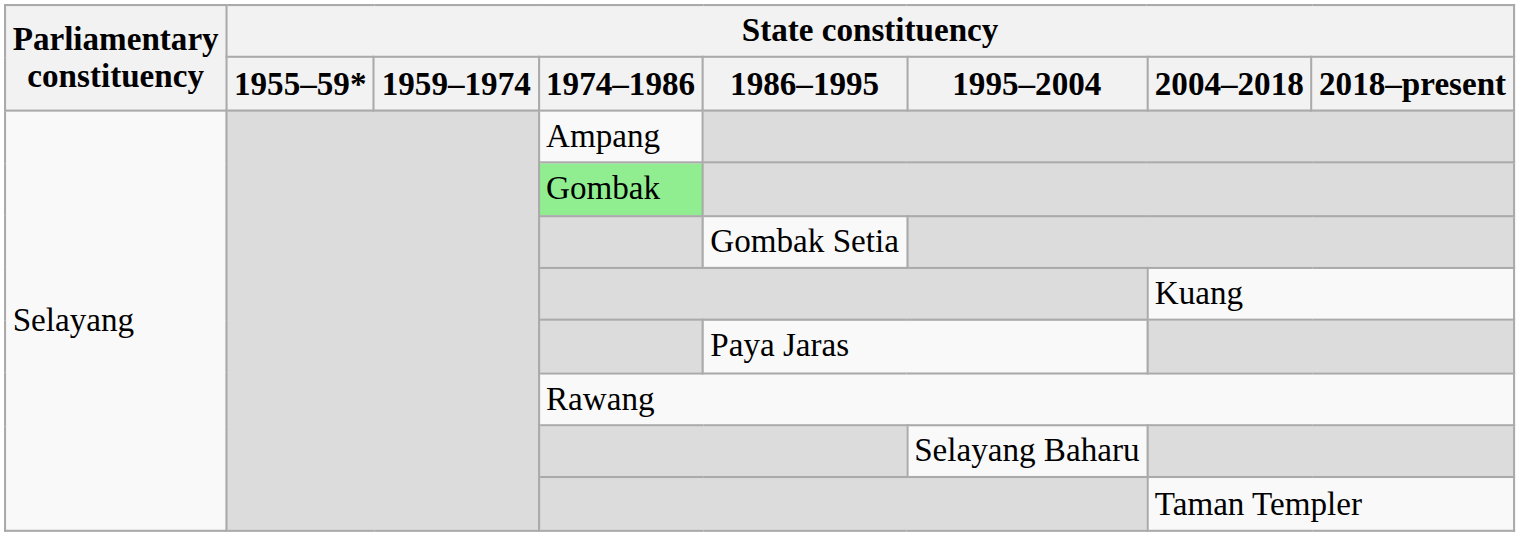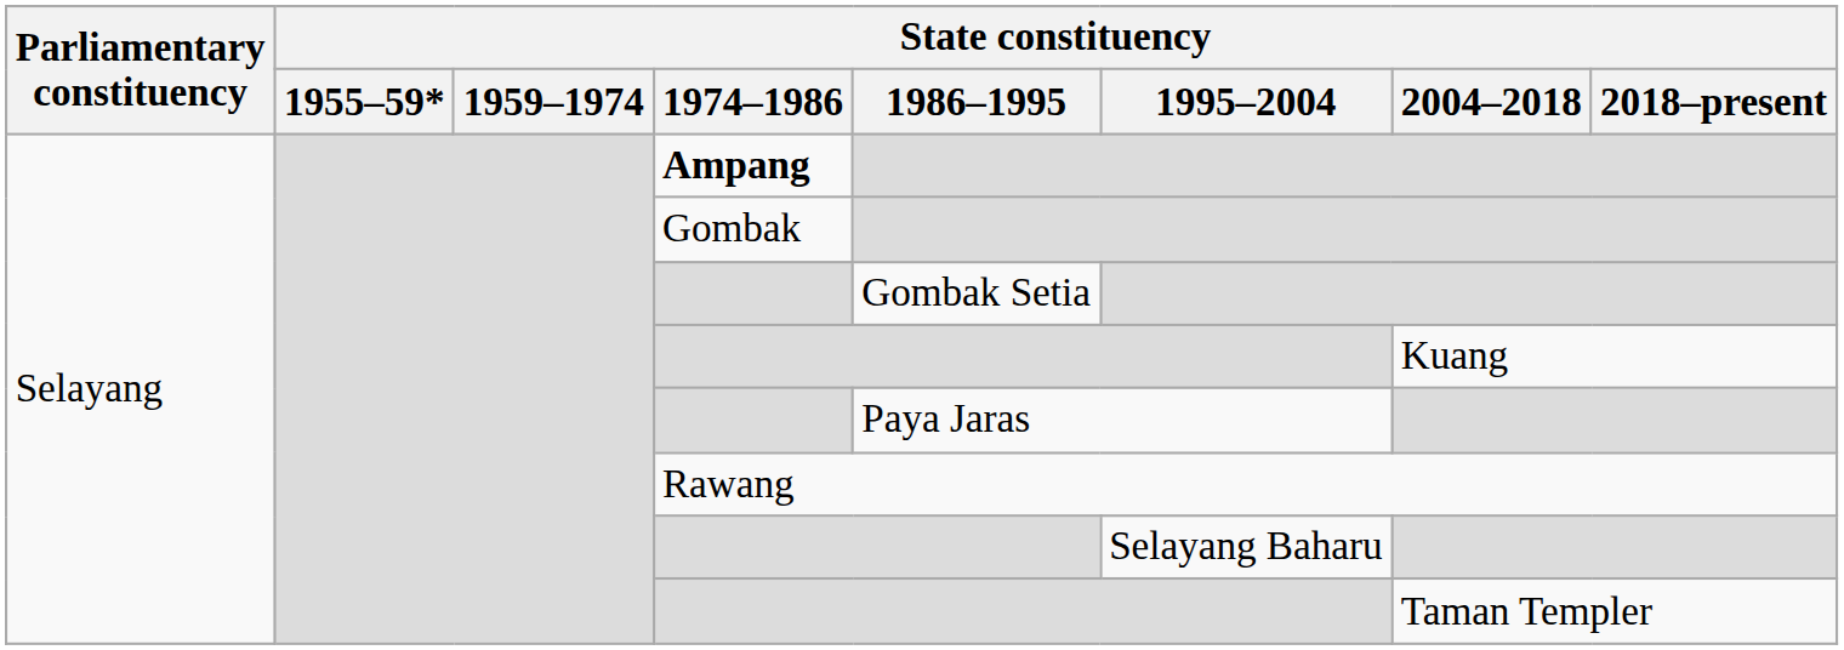 <table class="wikitable">
 <tr>
 <th rowspan="2">Parliamentary<br>constituency</th>
 <th colspan="7">State constituency</th>
 </tr>
 <tr>
 <th>1955–59*</th>
 <th>1959–1974</th>
 <th>1974–1986</th>
 <th>1986–1995</th>
 <th>1995–2004</th>
 <th>2004–2018</th>
 <th>2018–present</th>
 </tr>
 <tr>
 <td rowspan="8">Selayang</td>
 <td colspan="2" rowspan="8" bgcolor="dcdcdc"></td>
-<td>Ampang</td>
+<td><strong>Ampang</strong></td>
 <td colspan="4" bgcolor="dcdcdc"></td>
 </tr>
 <tr>
-<td style="background: lightgreen;">Gombak</td>
+<td>Gombak</td>
 <td colspan="4" bgcolor="dcdcdc"></td>
 </tr>
 <tr>
 <td bgcolor="dcdcdc"></td>
 <td>Gombak Setia</td>
 <td colspan="3" bgcolor="dcdcdc"></td>
 </tr>
 <tr>
 <td colspan="3" bgcolor="dcdcdc"></td>
 <td colspan="2">Kuang</td>
 </tr>
 <tr>
 <td bgcolor="dcdcdc"></td>
 <td colspan="2">Paya Jaras</td>
 <td colspan="2" bgcolor="dcdcdc"></td>
 </tr>
 <tr>
 <td colspan="5">Rawang</td>
 </tr>
 <tr>
 <td colspan="2" bgcolor="dcdcdc"></td>
 <td>Selayang Baharu</td>
 <td colspan="2" bgcolor="dcdcdc"></td>
 </tr>
 <tr>
 <td colspan="3" bgcolor="dcdcdc"></td>
 <td colspan="2">Taman Templer</td>
 </tr>
 </table>
